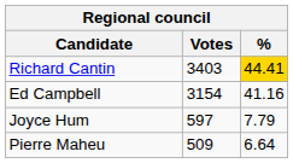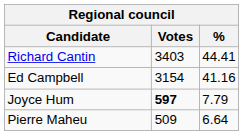 <table class="wikitable">
 <tr>
 <th colspan="3">Regional council</th>
 </tr>
 <tr>
 <th style="width: 170px">Candidate</th>
 <th style="width: 50px">Votes</th>
 <th style="width: 40px">%</th>
 </tr>
 <tr>
 <td><a href='#'>Richard Cantin</a></td>
 <td>3403</td>
-<td style="background: gold;">44.41</td>
+<td>44.41</td>
 </tr>
 <tr>
 <td>Ed Campbell</td>
 <td>3154</td>
 <td>41.16</td>
 </tr>
 <tr>
 <td>Joyce Hum</td>
-<td>597</td>
+<td><strong>597</strong></td>
 <td>7.79</td>
 </tr>
 <tr>
 <td>Pierre Maheu</td>
 <td>509</td>
 <td>6.64</td>
 </tr>
 </table>
